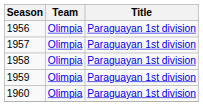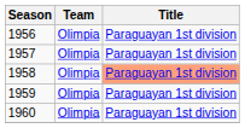 <table class="wikitable">
 <tr>
 <th>Season</th>
 <th>Team</th>
 <th>Title</th>
 </tr>
 <tr>
 <td>1956</td>
 <td><a href='#'>Olimpia</a></td>
 <td><a href='#'>Paraguayan 1st division</a></td>
 </tr>
 <tr>
 <td>1957</td>
 <td><a href='#'>Olimpia</a></td>
 <td><a href='#'>Paraguayan 1st division</a></td>
 </tr>
 <tr>
 <td>1958</td>
 <td><a href='#'>Olimpia</a></td>
-<td><a href='#'>Paraguayan 1st division</a></td>
+<td style="background: lightsalmon;"><a href='#'>Paraguayan 1st division</a></td>
 </tr>
 <tr>
 <td>1959</td>
 <td><a href='#'>Olimpia</a></td>
 <td><a href='#'>Paraguayan 1st division</a></td>
 </tr>
 <tr>
 <td>1960</td>
 <td><a href='#'>Olimpia</a></td>
 <td><a href='#'>Paraguayan 1st division</a></td>
 </tr>
 <tr>
 </tr>
 </table>
